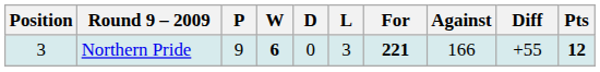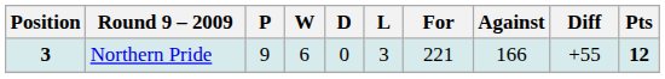 <table class="wikitable" style="text-align:center; font-size:85%;">
 <tr>
 <th width=40 abbr="Position">Position</th>
 <th width=100>Round 9 – 2009</th>
 <th width=20 abbr="Played">P</th>
 <th width=20 abbr="Won">W</th>
 <th width=20 abbr="Drawn">D</th>
 <th width=20 abbr="Lost">L</th>
 <th width=40 abbr="Points for">For</th>
 <th width=40 abbr="Points against">Against</th>
 <th width=40 abbr="Points difference">Diff</th>
 <th width=20 abbr="Points">Pts</th>
 </tr>
 <tr style="background: #d7ebed;">
-<td>3</td>
+<td><strong>3</strong></td>
 <td style="text-align:left;"> <a href='#'>Northern Pride</a></td>
 <td>9</td>
-<td><strong>6</strong></td>
+<td>6</td>
 <td>0</td>
 <td>3</td>
-<td><strong>221</strong></td>
+<td>221</td>
 <td>166</td>
 <td>+55</td>
 <td><strong>12</strong></td>
 </tr>
 <tr>
 </tr>
 </table>
